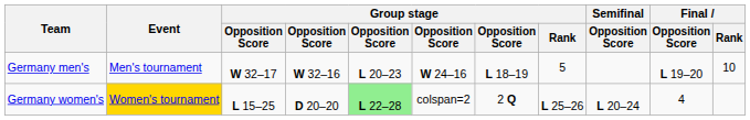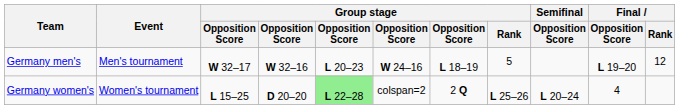 <table class="wikitable" style="font-size:90%">
 <tr>
 <th rowspan=2>Team</th>
 <th rowspan=2>Event</th>
 <th colspan=6>Group stage</th>
 <th>Semifinal</th>
 <th colspan=2>Final / </th>
 </tr>
 <tr style="font-size:95%">
 <th>Opposition<br>Score</th>
 <th>Opposition<br>Score</th>
 <th>Opposition<br>Score</th>
 <th>Opposition<br>Score</th>
 <th>Opposition<br>Score</th>
 <th>Rank</th>
 <th>Opposition<br>Score</th>
 <th>Opposition<br>Score</th>
 <th>Rank</th>
 </tr>
 <tr align=center>
 <td align=left><a href='#'>Germany men's</a></td>
 <td align=left><a href='#'>Men's tournament</a></td>
 <td><br><strong>W</strong> 32–17</td>
 <td><br><strong>W</strong> 32–16</td>
 <td><br><strong>L</strong> 20–23</td>
 <td><br><strong>W</strong> 24–16</td>
 <td><br><strong>L</strong> 18–19</td>
 <td>5</td>
 <td></td>
 <td><br><strong>L</strong> 19–20</td>
-<td>10</td>
+<td>12</td>
 </tr>
 <tr align=center>
 <td align=left><a href='#'>Germany women's</a></td>
-<td align=left style="background: gold;"><a href='#'>Women's tournament</a></td>
+<td align=left><a href='#'>Women's tournament</a></td>
 <td><br><strong>L</strong> 15–25</td>
 <td><br><strong>D</strong> 20–20</td>
 <td style="background: lightgreen;"><br><strong>L</strong> 22–28</td>
 <td>colspan=2</td>
 <td>2 <strong>Q</strong></td>
 <td><br><strong>L</strong> 25–26</td>
 <td><br><strong>L</strong> 20–24</td>
 <td>4</td>
 </tr>
 </table>
